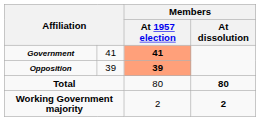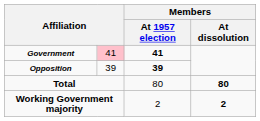 <table class="wikitable" border="1" style="font-size:95%; width:300pt; text-align:center">
 <tr>
 <th colspan="2" rowspan="2" style="text-align:center;vertical-align:middle; ">Affiliation</th>
 <th colspan="2" style="vertical-align:top;">Members</th>
 </tr>
 <tr>
 <th>At <a href='#'>1957 election</a></th>
 <th>At dissolution</th>
 </tr>
 <tr>
 <td> <small><strong><em>Government</em></strong></small></td>
-<td>41</td>
-<td style="background: lightsalmon;"><strong>41</strong></td>
+<td style="background: pink;">41</td>
+<td><strong>41</strong></td>
 </tr>
 <tr>
 <td> <small><strong><em>Opposition</em></strong></small></td>
 <td>39</td>
-<td style="background: lightsalmon;"><strong>39</strong></td>
+<td><strong>39</strong></td>
 </tr>
 <tr>
 <td colspan="2" rowspan="1"><strong>Total</strong><br></td>
 <td>80</td>
 <td><strong>80</strong></td>
 </tr>
 <tr>
 <td colspan="2" rowspan="1"><strong>Working Government majority</strong></td>
 <td>2</td>
 <td><strong>2</strong></td>
 </tr>
 </table>
